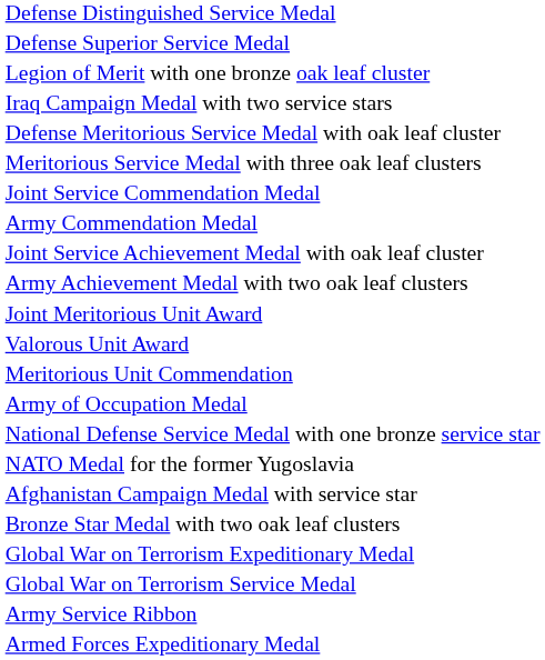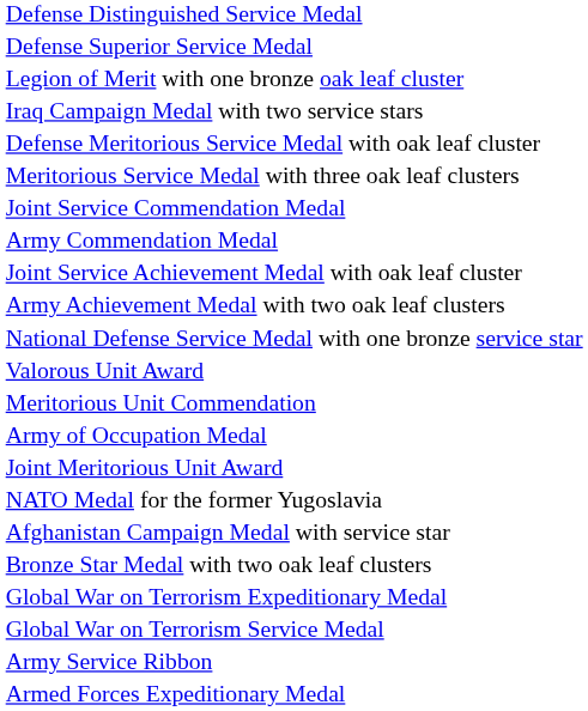 <table>
 <tr>
 <td> <a href='#'>Defense Distinguished Service Medal</a></td>
 </tr>
 <tr>
 <td> <a href='#'>Defense Superior Service Medal</a></td>
 </tr>
 <tr>
 <td> <a href='#'>Legion of Merit</a> with one bronze <a href='#'>oak leaf cluster</a></td>
 </tr>
 <tr>
 <td><span></span><span></span> <a href='#'>Iraq Campaign Medal</a> with two service stars</td>
 </tr>
 <tr>
 <td> <a href='#'>Defense Meritorious Service Medal</a> with oak leaf cluster</td>
 </tr>
 <tr>
 <td><span></span><span></span><span></span> <a href='#'>Meritorious Service Medal</a> with three oak leaf clusters</td>
 </tr>
 <tr>
 <td> <a href='#'>Joint Service Commendation Medal</a></td>
 </tr>
 <tr>
 <td> <a href='#'>Army Commendation Medal</a></td>
 </tr>
 <tr>
 <td> <a href='#'>Joint Service Achievement Medal</a> with oak leaf cluster</td>
 </tr>
 <tr>
 <td><span></span><span></span> <a href='#'>Army Achievement Medal</a> with two oak leaf clusters</td>
 </tr>
 <tr>
-<td> <a href='#'>Joint Meritorious Unit Award</a></td>
+<td> <a href='#'>National Defense Service Medal</a> with one bronze <a href='#'>service star</a></td>
 </tr>
 <tr>
 <td> <a href='#'>Valorous Unit Award</a></td>
 </tr>
 <tr>
 <td> <a href='#'>Meritorious Unit Commendation</a></td>
 </tr>
 <tr>
 <td> <a href='#'>Army of Occupation Medal</a></td>
 </tr>
 <tr>
-<td> <a href='#'>National Defense Service Medal</a> with one bronze <a href='#'>service star</a></td>
+<td> <a href='#'>Joint Meritorious Unit Award</a></td>
 </tr>
 <tr>
 <td> <a href='#'>NATO Medal</a> for the former Yugoslavia</td>
 </tr>
 <tr>
 <td> <a href='#'>Afghanistan Campaign Medal</a> with service star</td>
 </tr>
 <tr>
 <td><span></span><span></span> <a href='#'>Bronze Star Medal</a> with two oak leaf clusters</td>
 </tr>
 <tr>
 <td> <a href='#'>Global War on Terrorism Expeditionary Medal</a></td>
 </tr>
 <tr>
 <td> <a href='#'>Global War on Terrorism Service Medal</a></td>
 </tr>
 <tr>
 <td> <a href='#'>Army Service Ribbon</a></td>
 </tr>
 <tr>
 <td> <a href='#'>Armed Forces Expeditionary Medal</a></td>
 </tr>
 </table>
